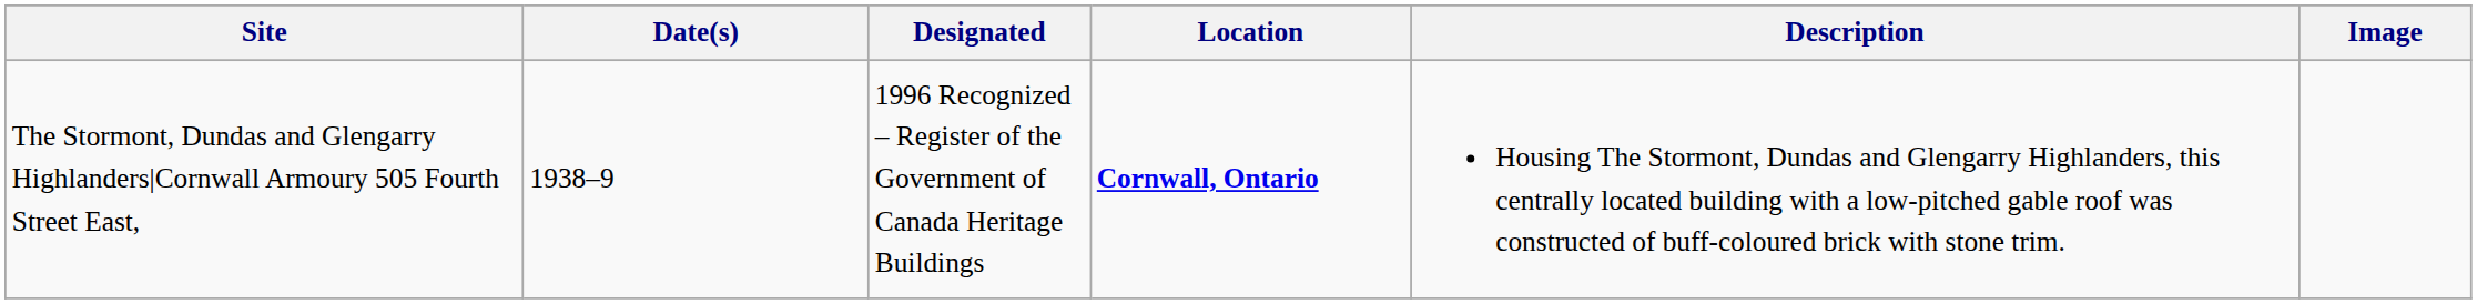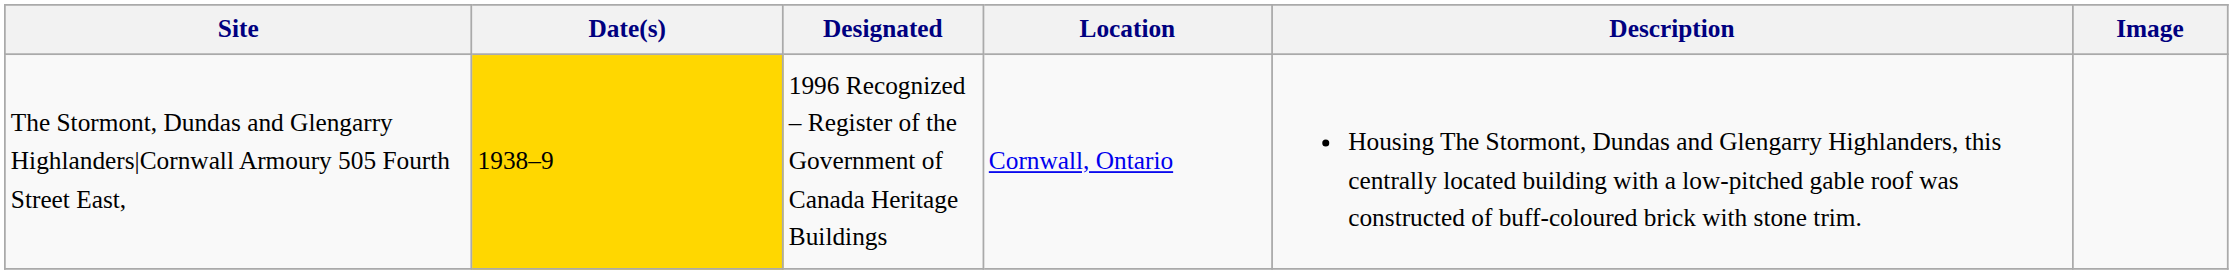 <table class="wikitable sortable" style="font-size:90%;width:100%;border:0px;text-align:left;line-height:150%;">
 <tr>
 <th style="background: #f2f2f2; color: #000080" width="21%">Site</th>
 <th style="background: #f2f2f2; color: #000080" width="14%">Date(s)</th>
 <th style="background: #f2f2f2; color: #000080" width="9%">Designated</th>
 <th style="background: #f2f2f2; color: #000080" width="13%">Location</th>
 <th style="background: #f2f2f2; color: #000080" width="36%" class="unsortable">Description</th>
 <th style="background: #f2f2f2; color: #000080" width="7%" class="unsortable">Image</th>
 </tr>
 <tr>
 <td>The Stormont, Dundas and Glengarry Highlanders|Cornwall Armoury 505 Fourth Street East,</td>
-<td>1938–9</td>
+<td style="background: gold;">1938–9</td>
 <td>1996 Recognized – Register of the Government of Canada Heritage Buildings</td>
-<td><strong><a href='#'>Cornwall, Ontario</a></strong></td>
+<td><a href='#'>Cornwall, Ontario</a></td>
 <td><br><ul><li>Housing  The Stormont, Dundas and Glengarry Highlanders, this centrally located building with a low-pitched gable roof was constructed of buff-coloured brick with stone trim.</li></ul></td>
 <td></td>
 </tr>
 <tr>
 </tr>
 </table>
